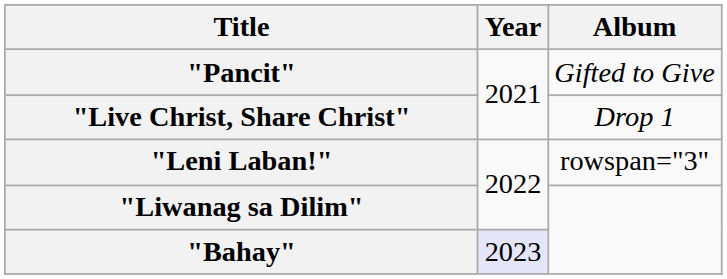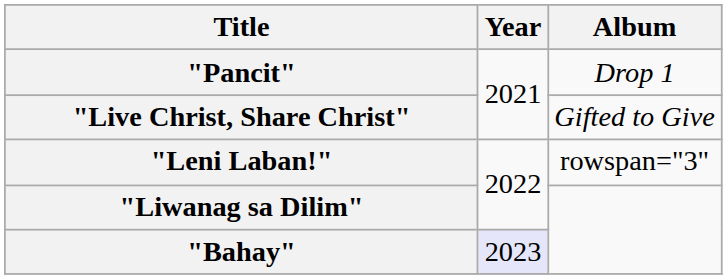 <table class="wikitable plainrowheaders" style="text-align:center;">
 <tr>
 <th scope="col" width="260">Title</th>
 <th scope="col">Year</th>
 <th scope="col">Album</th>
 </tr>
 <tr>
 <th scope="row">"Pancit"<br></th>
 <td rowspan="2">2021</td>
-<td><em>Gifted to Give</em></td>
+<td><em>Drop 1</em></td>
 </tr>
 <tr>
 <th scope="row">"Live Christ, Share Christ"<br></th>
-<td><em>Drop 1</em></td>
+<td><em>Gifted to Give</em></td>
 </tr>
 <tr>
 <th scope="row">"Leni Laban!"<br></th>
 <td rowspan=2>2022</td>
 <td>rowspan="3" </td>
 </tr>
 <tr>
 <th scope="row">"Liwanag sa Dilim"<br></th>
 </tr>
 <tr>
 <th scope="row">"Bahay"<br></th>
 <td style="background: lavender;">2023</td>
 </tr>
 </table>
